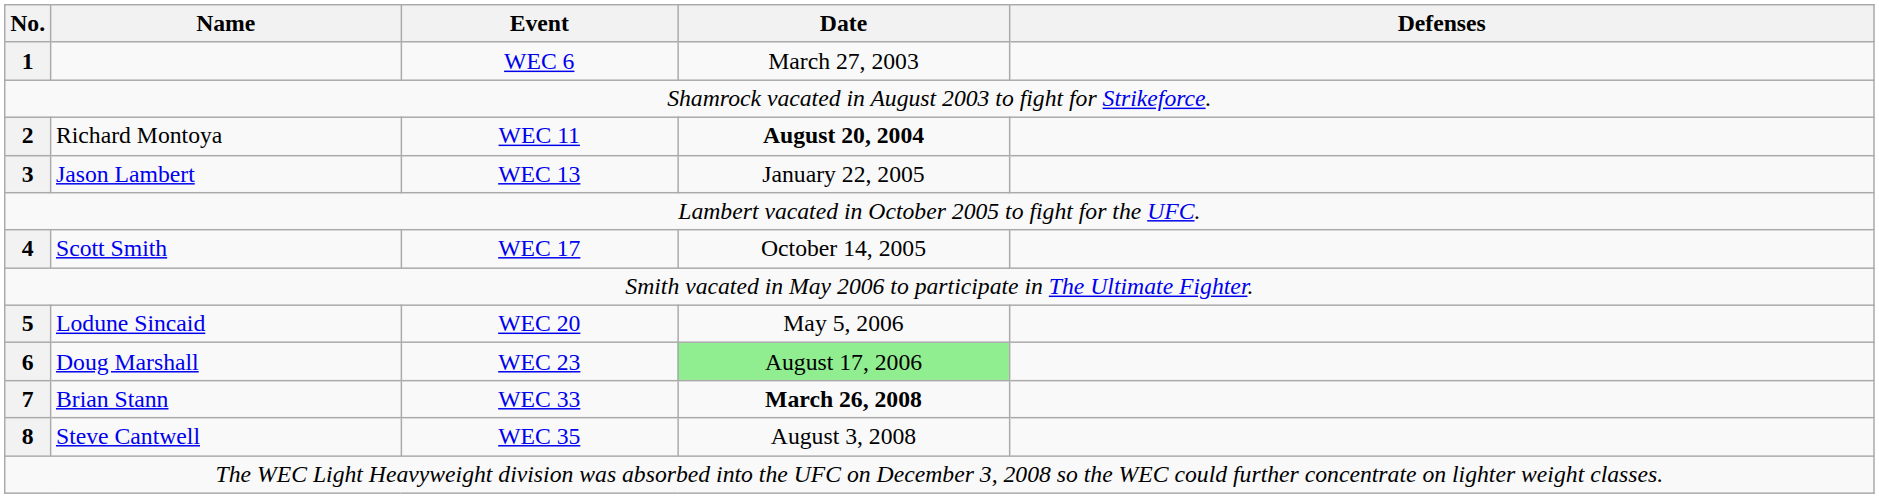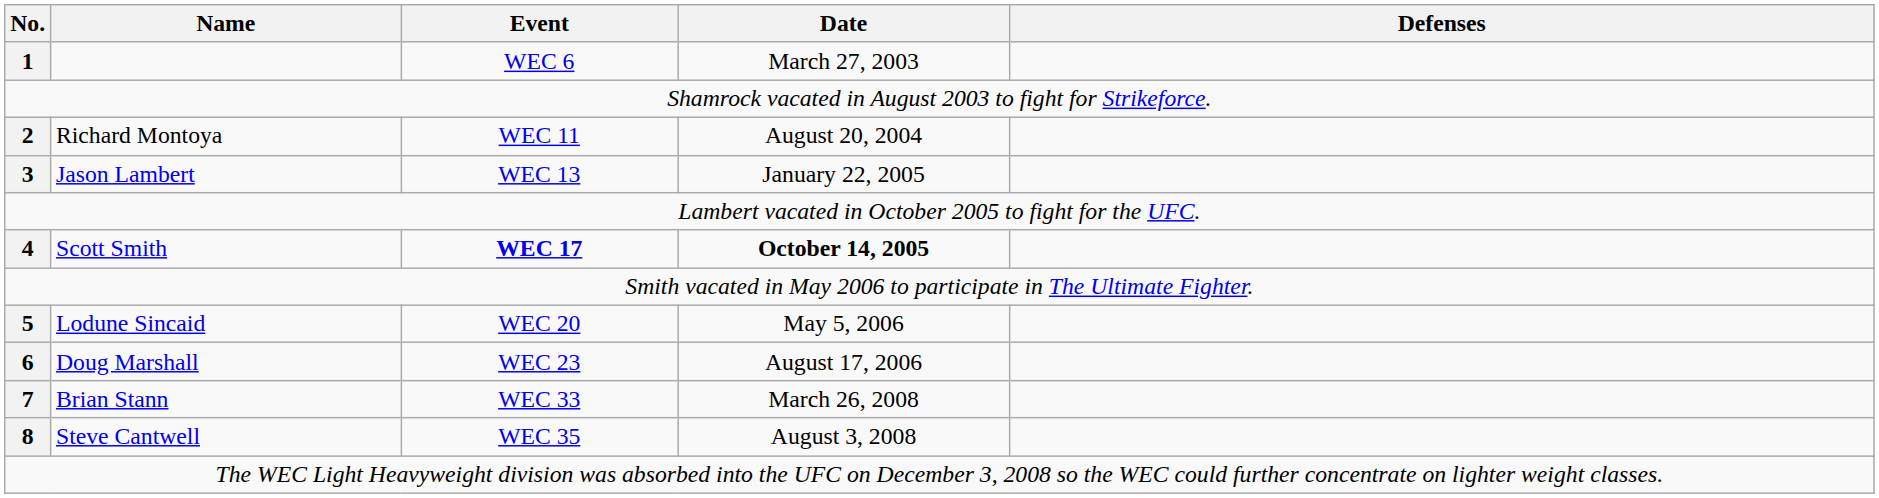 <table class="wikitable" width=100%>
 <tr>
 <th width=1%>No.</th>
 <th width=19%>Name</th>
 <th width=15%>Event</th>
 <th width=18%>Date</th>
 <th width=47%>Defenses</th>
 </tr>
 <tr>
 <th>1</th>
 <td align=left><br></td>
 <td align=center><a href='#'>WEC 6</a> <br></td>
 <td align=center>March 27, 2003</td>
 <td></td>
 </tr>
 <tr>
 <td align="center" colspan="5"><em>Shamrock vacated in August 2003 to fight for <a href='#'>Strikeforce</a>.</em></td>
 </tr>
 <tr>
 <th>2</th>
 <td align=left> Richard Montoya<br></td>
 <td align=center><a href='#'>WEC 11</a> <br></td>
-<td align=center><strong>August 20, 2004</strong></td>
+<td align=center>August 20, 2004</td>
 </tr>
 <tr>
 <th>3</th>
 <td align=left> <a href='#'>Jason Lambert</a></td>
 <td align=center><a href='#'>WEC 13</a> <br></td>
 <td align=center>January 22, 2005</td>
 <td></td>
 </tr>
 <tr>
 <td align="center" colspan="5"><em>Lambert vacated in October 2005 to fight for the <a href='#'>UFC</a>.</em></td>
 </tr>
 <tr>
 <th>4</th>
 <td align=left> <a href='#'>Scott Smith</a><br></td>
-<td align=center><a href='#'>WEC 17</a> <br></td>
-<td align=center>October 14, 2005</td>
+<td align=center><strong><a href='#'>WEC 17</a> <br></strong></td>
+<td align=center><strong>October 14, 2005</strong></td>
 <td></td>
 </tr>
 <tr>
 <td align="center" colspan="5"><em>Smith vacated in May 2006 to participate in <a href='#'>The Ultimate Fighter</a>.</em></td>
 </tr>
 <tr>
 <th>5</th>
 <td align=left> <a href='#'>Lodune Sincaid</a><br></td>
 <td align=center><a href='#'>WEC 20</a> <br></td>
 <td align=center>May 5, 2006</td>
 <td></td>
 </tr>
 <tr>
 <th>6</th>
 <td align=left> <a href='#'>Doug Marshall</a></td>
 <td align=center><a href='#'>WEC 23</a> <br></td>
-<td align=center style="background: lightgreen;">August 17, 2006</td>
+<td align=center>August 17, 2006</td>
 <td></td>
 </tr>
 <tr>
 <th>7</th>
 <td align=left> <a href='#'>Brian Stann</a></td>
 <td align=center><a href='#'>WEC 33</a> <br></td>
-<td align=center><strong>March 26, 2008</strong></td>
+<td align=center>March 26, 2008</td>
 <td></td>
 </tr>
 <tr>
 <th>8</th>
 <td align=left> <a href='#'>Steve Cantwell</a></td>
 <td align=center><a href='#'>WEC 35</a> <br></td>
 <td align=center>August 3, 2008</td>
 <td></td>
 </tr>
 <tr>
 <td align="center" colspan="5"><em>The WEC Light Heavyweight division was absorbed into the UFC on December 3, 2008 so the WEC could further concentrate on lighter weight classes.</em></td>
 </tr>
 </table>
